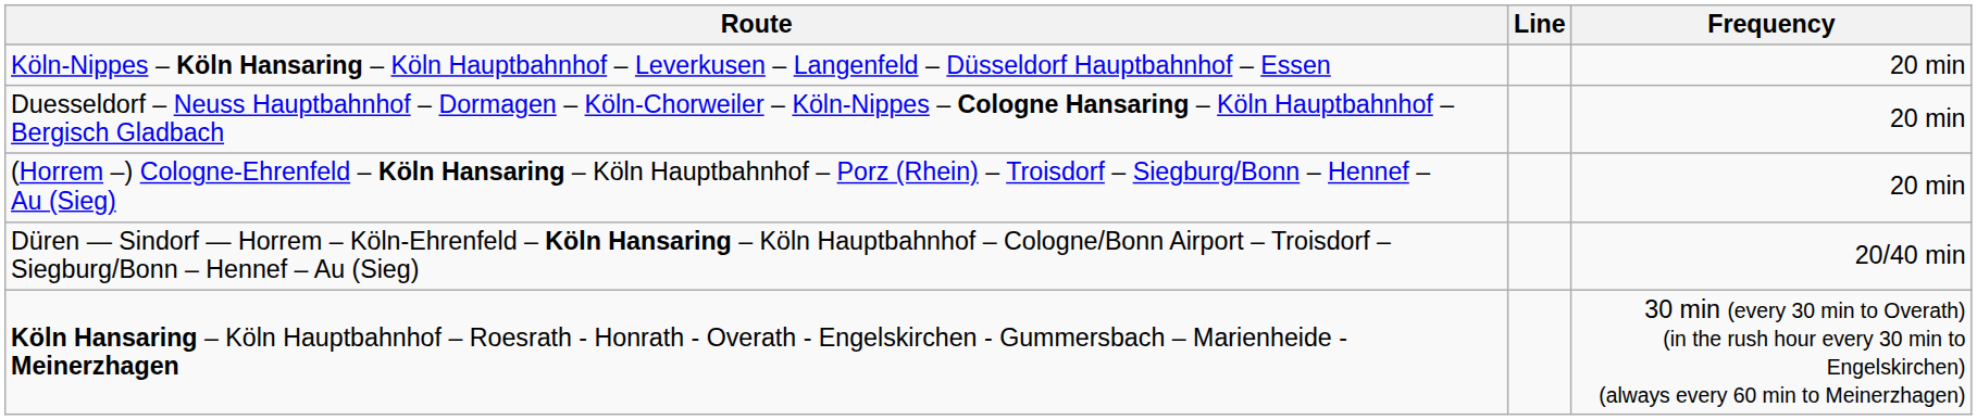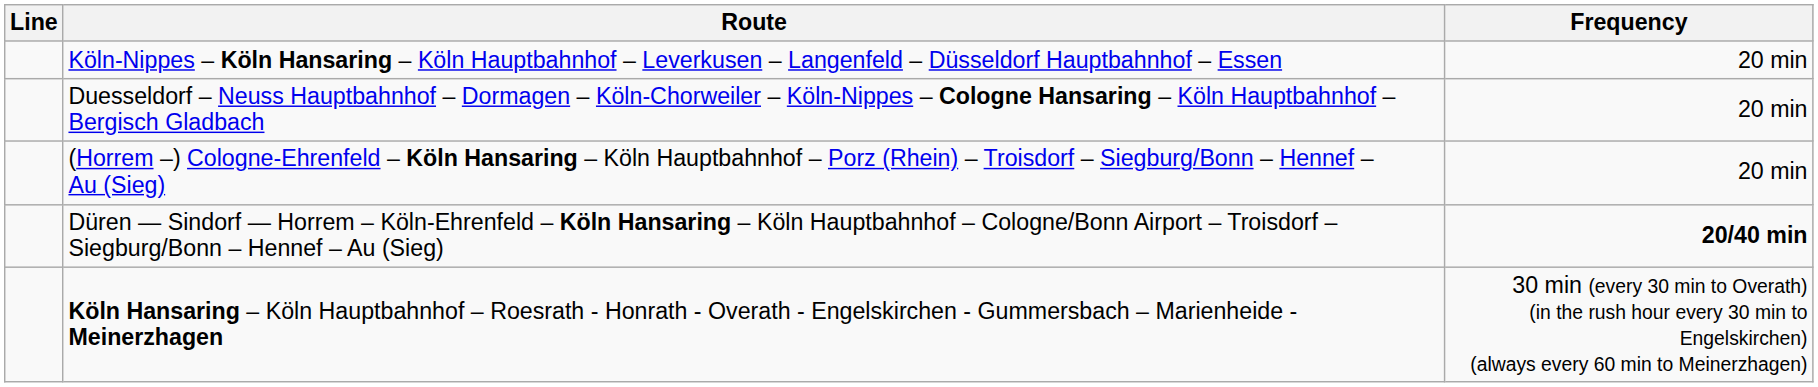 <table class="wikitable">
 <tr class="hintergrundfarbe5">
+<th>Line</th>
 <th>Route</th>
-<th>Line</th>
 <th>Frequency</th>
 </tr>
 <tr>
+<td></td>
 <td><a href='#'>Köln-Nippes</a> – <strong>Köln Hansaring</strong> – <a href='#'>Köln Hauptbahnhof</a> – <a href='#'>Leverkusen</a> – <a href='#'>Langenfeld</a> – <a href='#'>Düsseldorf Hauptbahnhof</a> – <a href='#'>Essen</a></td>
-<td></td>
 <td align="right">20 min</td>
 </tr>
 <tr>
+<td></td>
 <td>Duesseldorf – <a href='#'>Neuss Hauptbahnhof</a> – <a href='#'>Dormagen</a> – <a href='#'>Köln-Chorweiler</a> – <a href='#'>Köln-Nippes</a> – <strong>Cologne Hansaring</strong> – <a href='#'>Köln Hauptbahnhof</a> – <a href='#'>Bergisch Gladbach</a></td>
-<td></td>
 <td align="right">20 min</td>
 </tr>
 <tr>
+<td></td>
 <td>(<a href='#'>Horrem</a> –) <a href='#'>Cologne-Ehrenfeld</a> – <strong>Köln Hansaring</strong> – Köln Hauptbahnhof – <a href='#'>Porz (Rhein)</a> – <a href='#'>Troisdorf</a> – <a href='#'>Siegburg/Bonn</a> – <a href='#'>Hennef</a> – <a href='#'>Au (Sieg)</a></td>
-<td></td>
 <td align="right">20 min</td>
 </tr>
 <tr>
+<td></td>
 <td>Düren — Sindorf — Horrem – Köln-Ehrenfeld – <strong>Köln Hansaring</strong> – Köln Hauptbahnhof – Cologne/Bonn Airport – Troisdorf – Siegburg/Bonn – Hennef – Au (Sieg)</td>
-<td></td>
-<td align="right">20/40 min</td>
+<td align="right"><strong>20/40 min</strong></td>
 </tr>
 <tr>
+<td></td>
 <td><strong>Köln Hansaring</strong> – Köln Hauptbahnhof – Roesrath - Honrath - Overath - Engelskirchen - Gummersbach – Marienheide - <strong>Meinerzhagen</strong></td>
-<td></td>
 <td align="right">30 min <small>(every 30 min to Overath)</small><br><small>(in the rush hour every 30 min to Engelskirchen)</small><br><small>(always every 60 min to Meinerzhagen)</small></td>
 </tr>
 </table>
